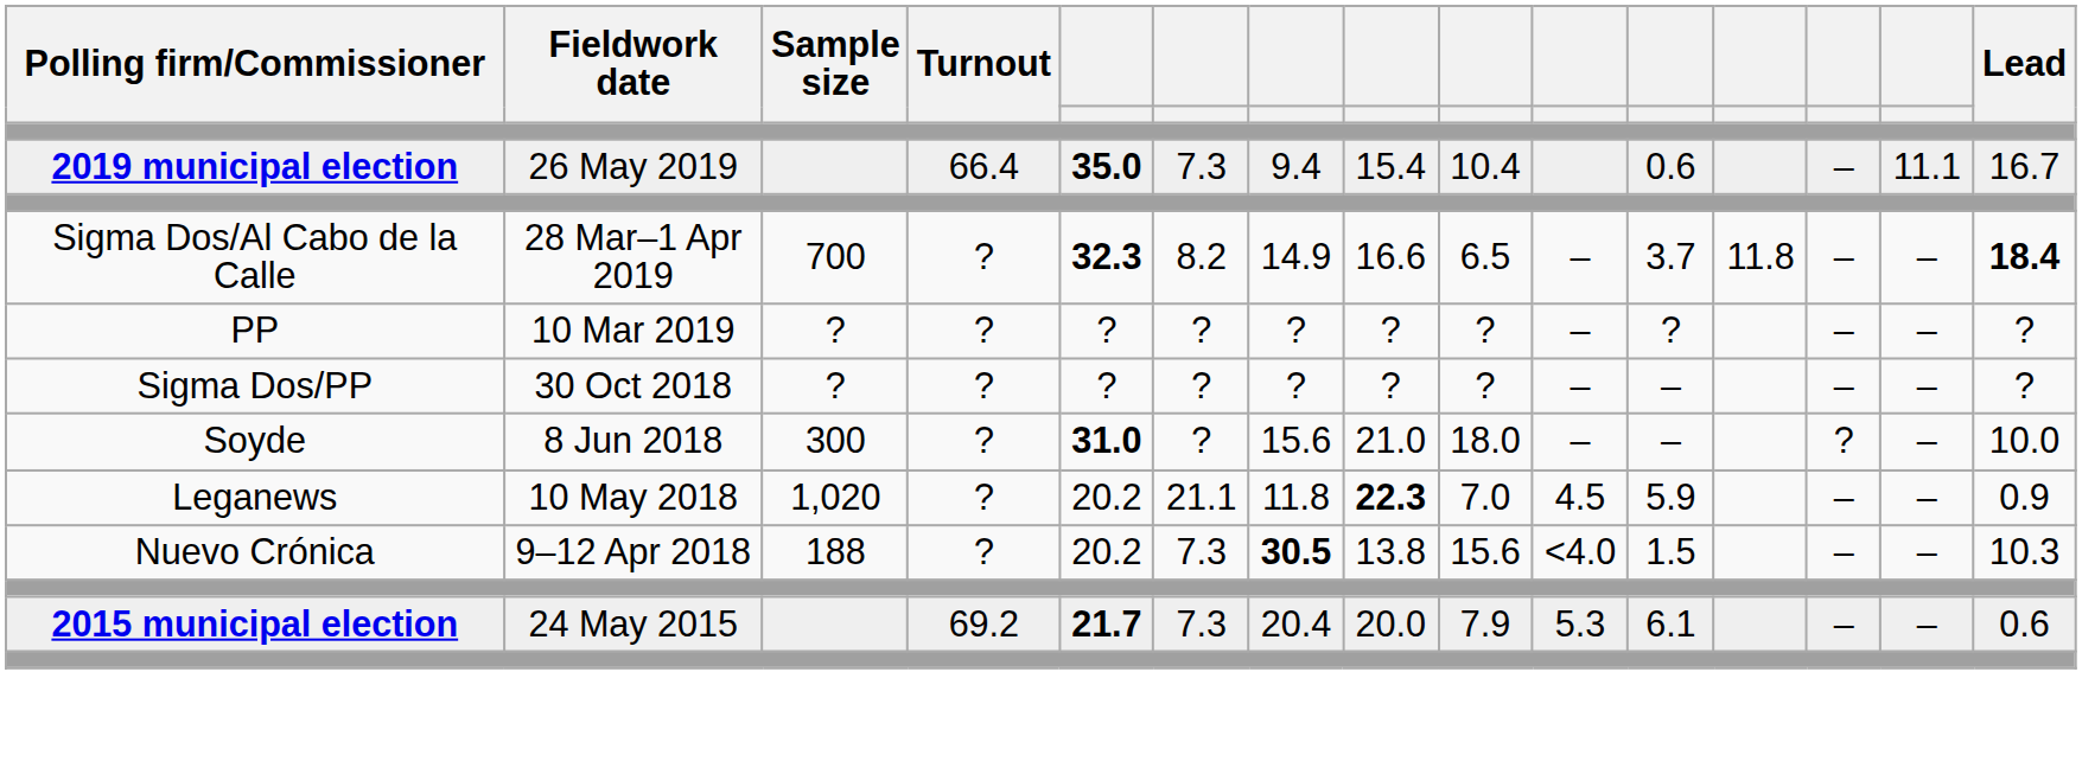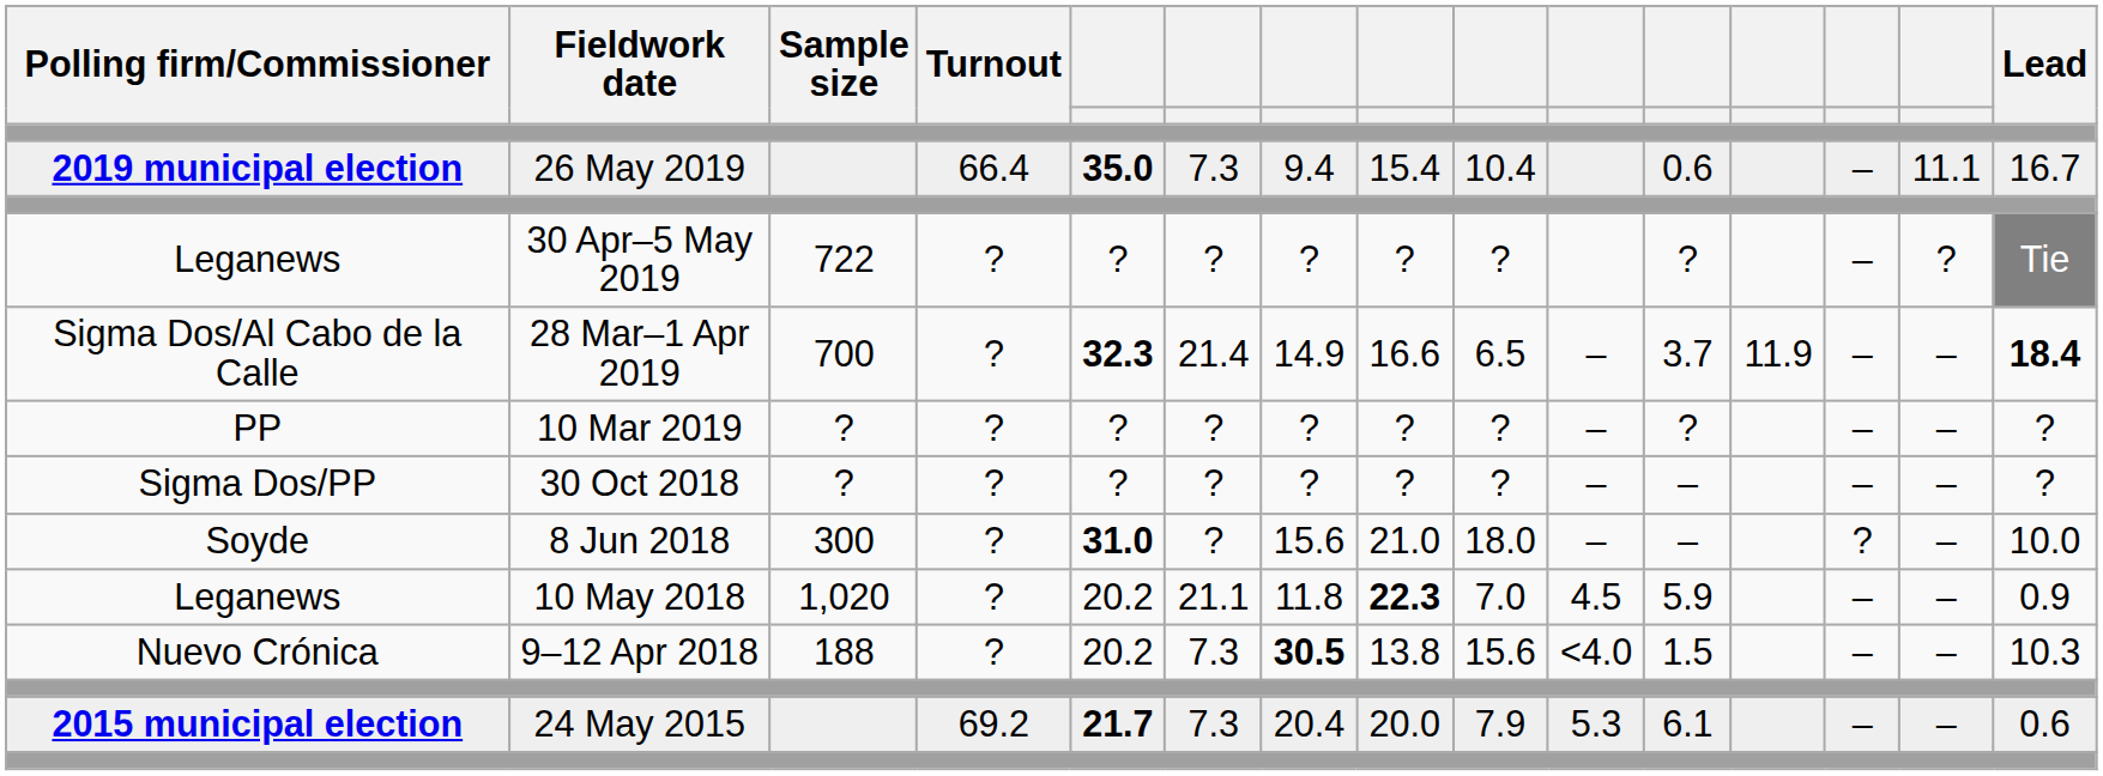 <table class="wikitable collapsible collapsed" style="text-align:center; font-size:95%; line-height:16px;">
 <tr style="height:42px;">
 <th style="width:250px;" rowspan="2">Polling firm/Commissioner</th>
 <th style="width:125px;" rowspan="2">Fieldwork date</th>
 <th style="width:50px;" rowspan="2">Sample size</th>
 <th style="width:45px;" rowspan="2">Turnout</th>
 <th style="width:35px;"></th>
 <th style="width:35px;"></th>
 <th style="width:35px;"></th>
 <th style="width:35px;"></th>
 <th style="width:35px;"></th>
 <th style="width:35px;"></th>
 <th style="width:35px;"></th>
 <th style="width:35px;"></th>
 <th style="width:35px;"></th>
 <th style="width:35px;"></th>
 <th style="width:30px;" rowspan="2">Lead</th>
 </tr>
 <tr>
 <th style="color:inherit;background:"></th>
 <th style="color:inherit;background:"></th>
 <th style="color:inherit;background:"></th>
 <th style="color:inherit;background:"></th>
 <th style="color:inherit;background:"></th>
 <th style="color:inherit;background:"></th>
 <th style="color:inherit;background:"></th>
 <th style="color:inherit;background:"></th>
 <th style="color:inherit;background:"></th>
 <th style="color:inherit;background:"></th>
 </tr>
 <tr>
 <td colspan="15" style="background:#A0A0A0"></td>
 </tr>
 <tr style="background:#EFEFEF;">
 <td><strong><a href='#'>2019 municipal election</a></strong></td>
 <td>26 May 2019</td>
 <td></td>
 <td>66.4</td>
 <td><strong>35.0</strong><br></td>
 <td>7.3<br></td>
 <td>9.4<br></td>
 <td>15.4<br></td>
 <td>10.4<br></td>
 <td></td>
 <td>0.6<br></td>
 <td></td>
 <td>–</td>
 <td>11.1<br></td>
 <td style="background:">16.7</td>
 </tr>
 <tr>
 <td colspan="15" style="background:#A0A0A0"></td>
 </tr>
 <tr>
+<td>Leganews</td>
+<td>30 Apr–5 May 2019</td>
+<td>722</td>
+<td>?</td>
+<td>?<br></td>
+<td>?<br></td>
+<td>?<br></td>
+<td>?<br></td>
+<td>?<br></td>
+<td></td>
+<td>?<br></td>
+<td></td>
+<td>–</td>
+<td>?<br></td>
+<td style="background:gray; color:white;">Tie</td>
+</tr>
+<tr>
 <td>Sigma Dos/Al Cabo de la Calle</td>
 <td>28 Mar–1 Apr 2019</td>
 <td>700</td>
 <td>?</td>
 <td><strong>32.3</strong><br></td>
-<td>8.2<br></td>
+<td>21.4<br></td>
 <td>14.9<br></td>
 <td>16.6<br></td>
 <td>6.5<br></td>
 <td>–</td>
 <td>3.7<br></td>
-<td>11.8<br></td>
+<td>11.9<br></td>
 <td>–</td>
 <td>–</td>
 <td style="background:"><strong>18.4</strong></td>
 </tr>
 <tr>
 <td>PP</td>
 <td>10 Mar 2019</td>
 <td>?</td>
 <td>?</td>
 <td>?<br></td>
 <td>?<br></td>
 <td>?<br></td>
 <td>?<br></td>
 <td>?<br></td>
 <td>–</td>
 <td>?<br></td>
 <td></td>
 <td>–</td>
 <td>–</td>
 <td style="background:">?</td>
 </tr>
 <tr>
 <td>Sigma Dos/PP</td>
 <td>30 Oct 2018</td>
 <td>?</td>
 <td>?</td>
 <td>?<br></td>
 <td>?<br></td>
 <td>?<br></td>
 <td>?<br></td>
 <td>?<br></td>
 <td>–</td>
 <td>–</td>
 <td></td>
 <td>–</td>
 <td>–</td>
 <td style="background:">?</td>
 </tr>
 <tr>
 <td>Soyde</td>
 <td>8 Jun 2018</td>
 <td>300</td>
 <td>?</td>
 <td><strong>31.0</strong><br></td>
 <td>?<br></td>
 <td>15.6<br></td>
 <td>21.0<br></td>
 <td>18.0<br></td>
 <td>–</td>
 <td>–</td>
 <td></td>
 <td>?<br></td>
 <td>–</td>
 <td style="background:">10.0</td>
 </tr>
 <tr>
 <td>Leganews</td>
 <td>10 May 2018</td>
 <td>1,020</td>
 <td>?</td>
 <td>20.2<br></td>
 <td>21.1<br></td>
 <td>11.8<br></td>
 <td><strong>22.3</strong><br></td>
 <td>7.0<br></td>
 <td>4.5<br></td>
 <td>5.9<br></td>
 <td></td>
 <td>–</td>
 <td>–</td>
 <td style="background:">0.9</td>
 </tr>
 <tr>
 <td>Nuevo Crónica</td>
 <td>9–12 Apr 2018</td>
 <td>188</td>
 <td>?</td>
 <td>20.2<br></td>
 <td>7.3<br></td>
 <td><strong>30.5</strong><br></td>
 <td>13.8<br></td>
 <td>15.6<br></td>
 <td><4.0<br></td>
 <td>1.5<br></td>
 <td></td>
 <td>–</td>
 <td>–</td>
 <td style="background:">10.3</td>
 </tr>
 <tr>
 <td colspan="15" style="background:#A0A0A0"></td>
 </tr>
 <tr style="background:#EFEFEF;">
 <td><strong><a href='#'>2015 municipal election</a></strong></td>
 <td>24 May 2015</td>
 <td></td>
 <td>69.2</td>
 <td><strong>21.7</strong><br></td>
 <td>7.3<br></td>
 <td>20.4<br></td>
 <td>20.0<br></td>
 <td>7.9<br></td>
 <td>5.3<br></td>
 <td>6.1<br></td>
 <td></td>
 <td>–</td>
 <td>–</td>
 <td style="background:">0.6</td>
 </tr>
 <tr>
 <td colspan="15" style="background:#A0A0A0"></td>
 </tr>
 </table>
